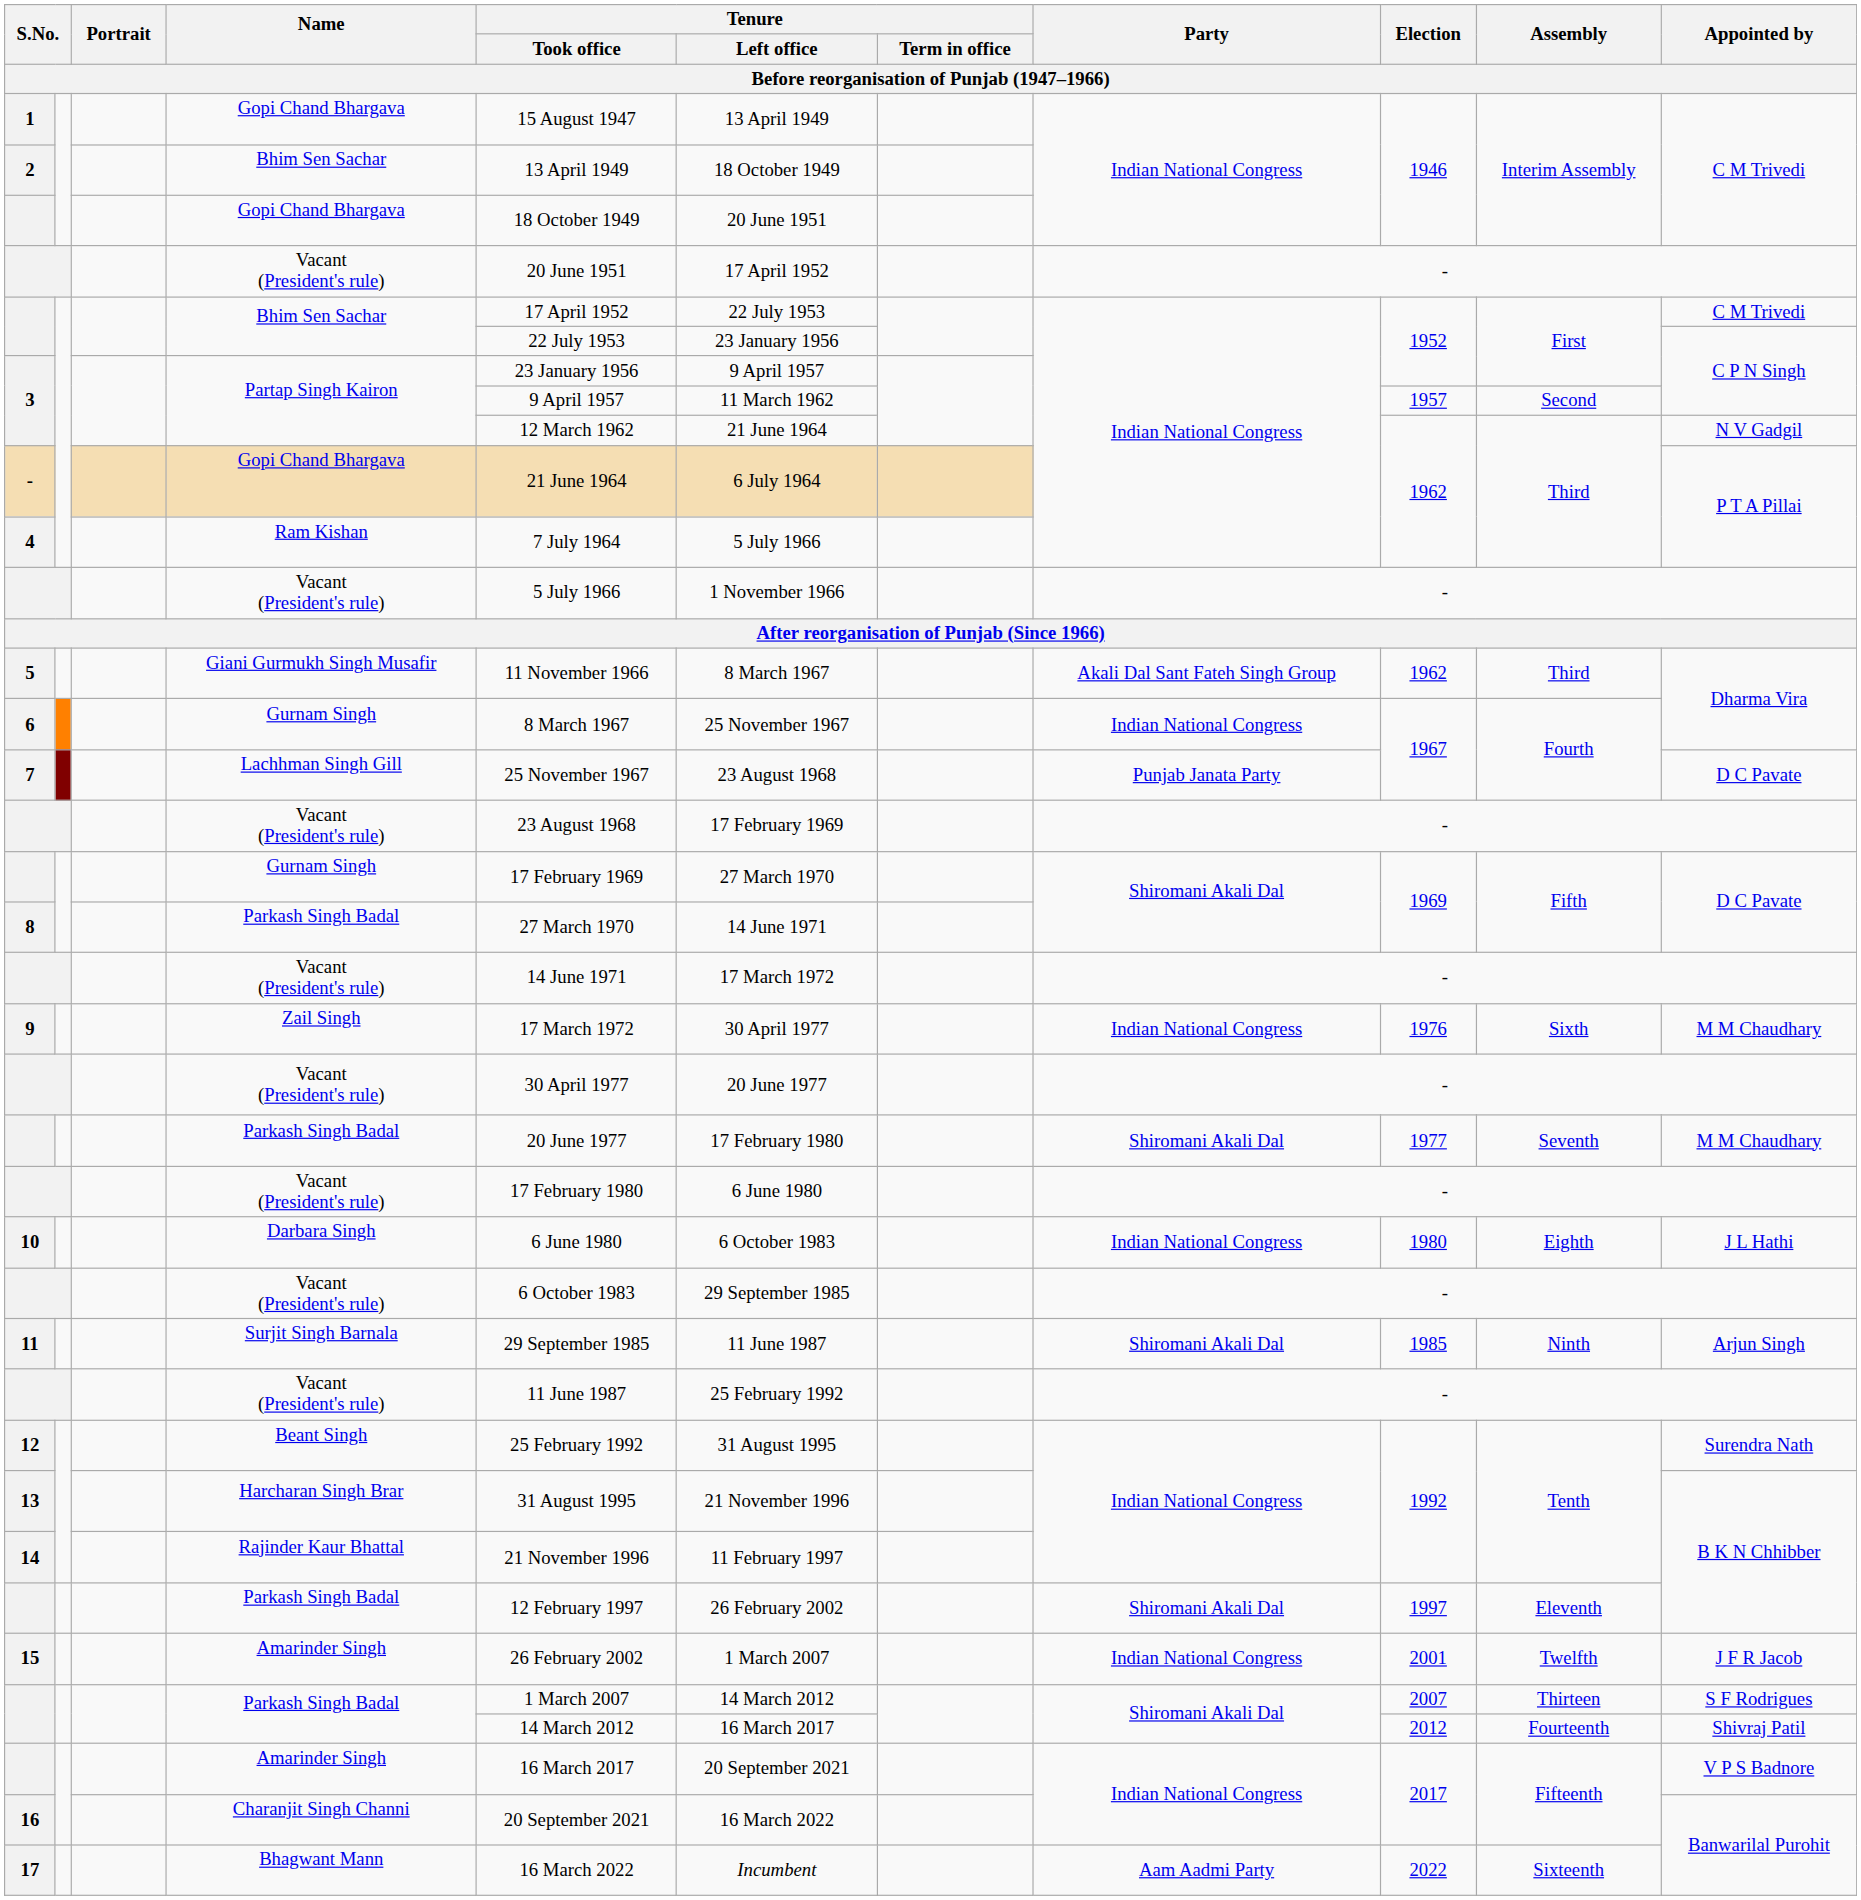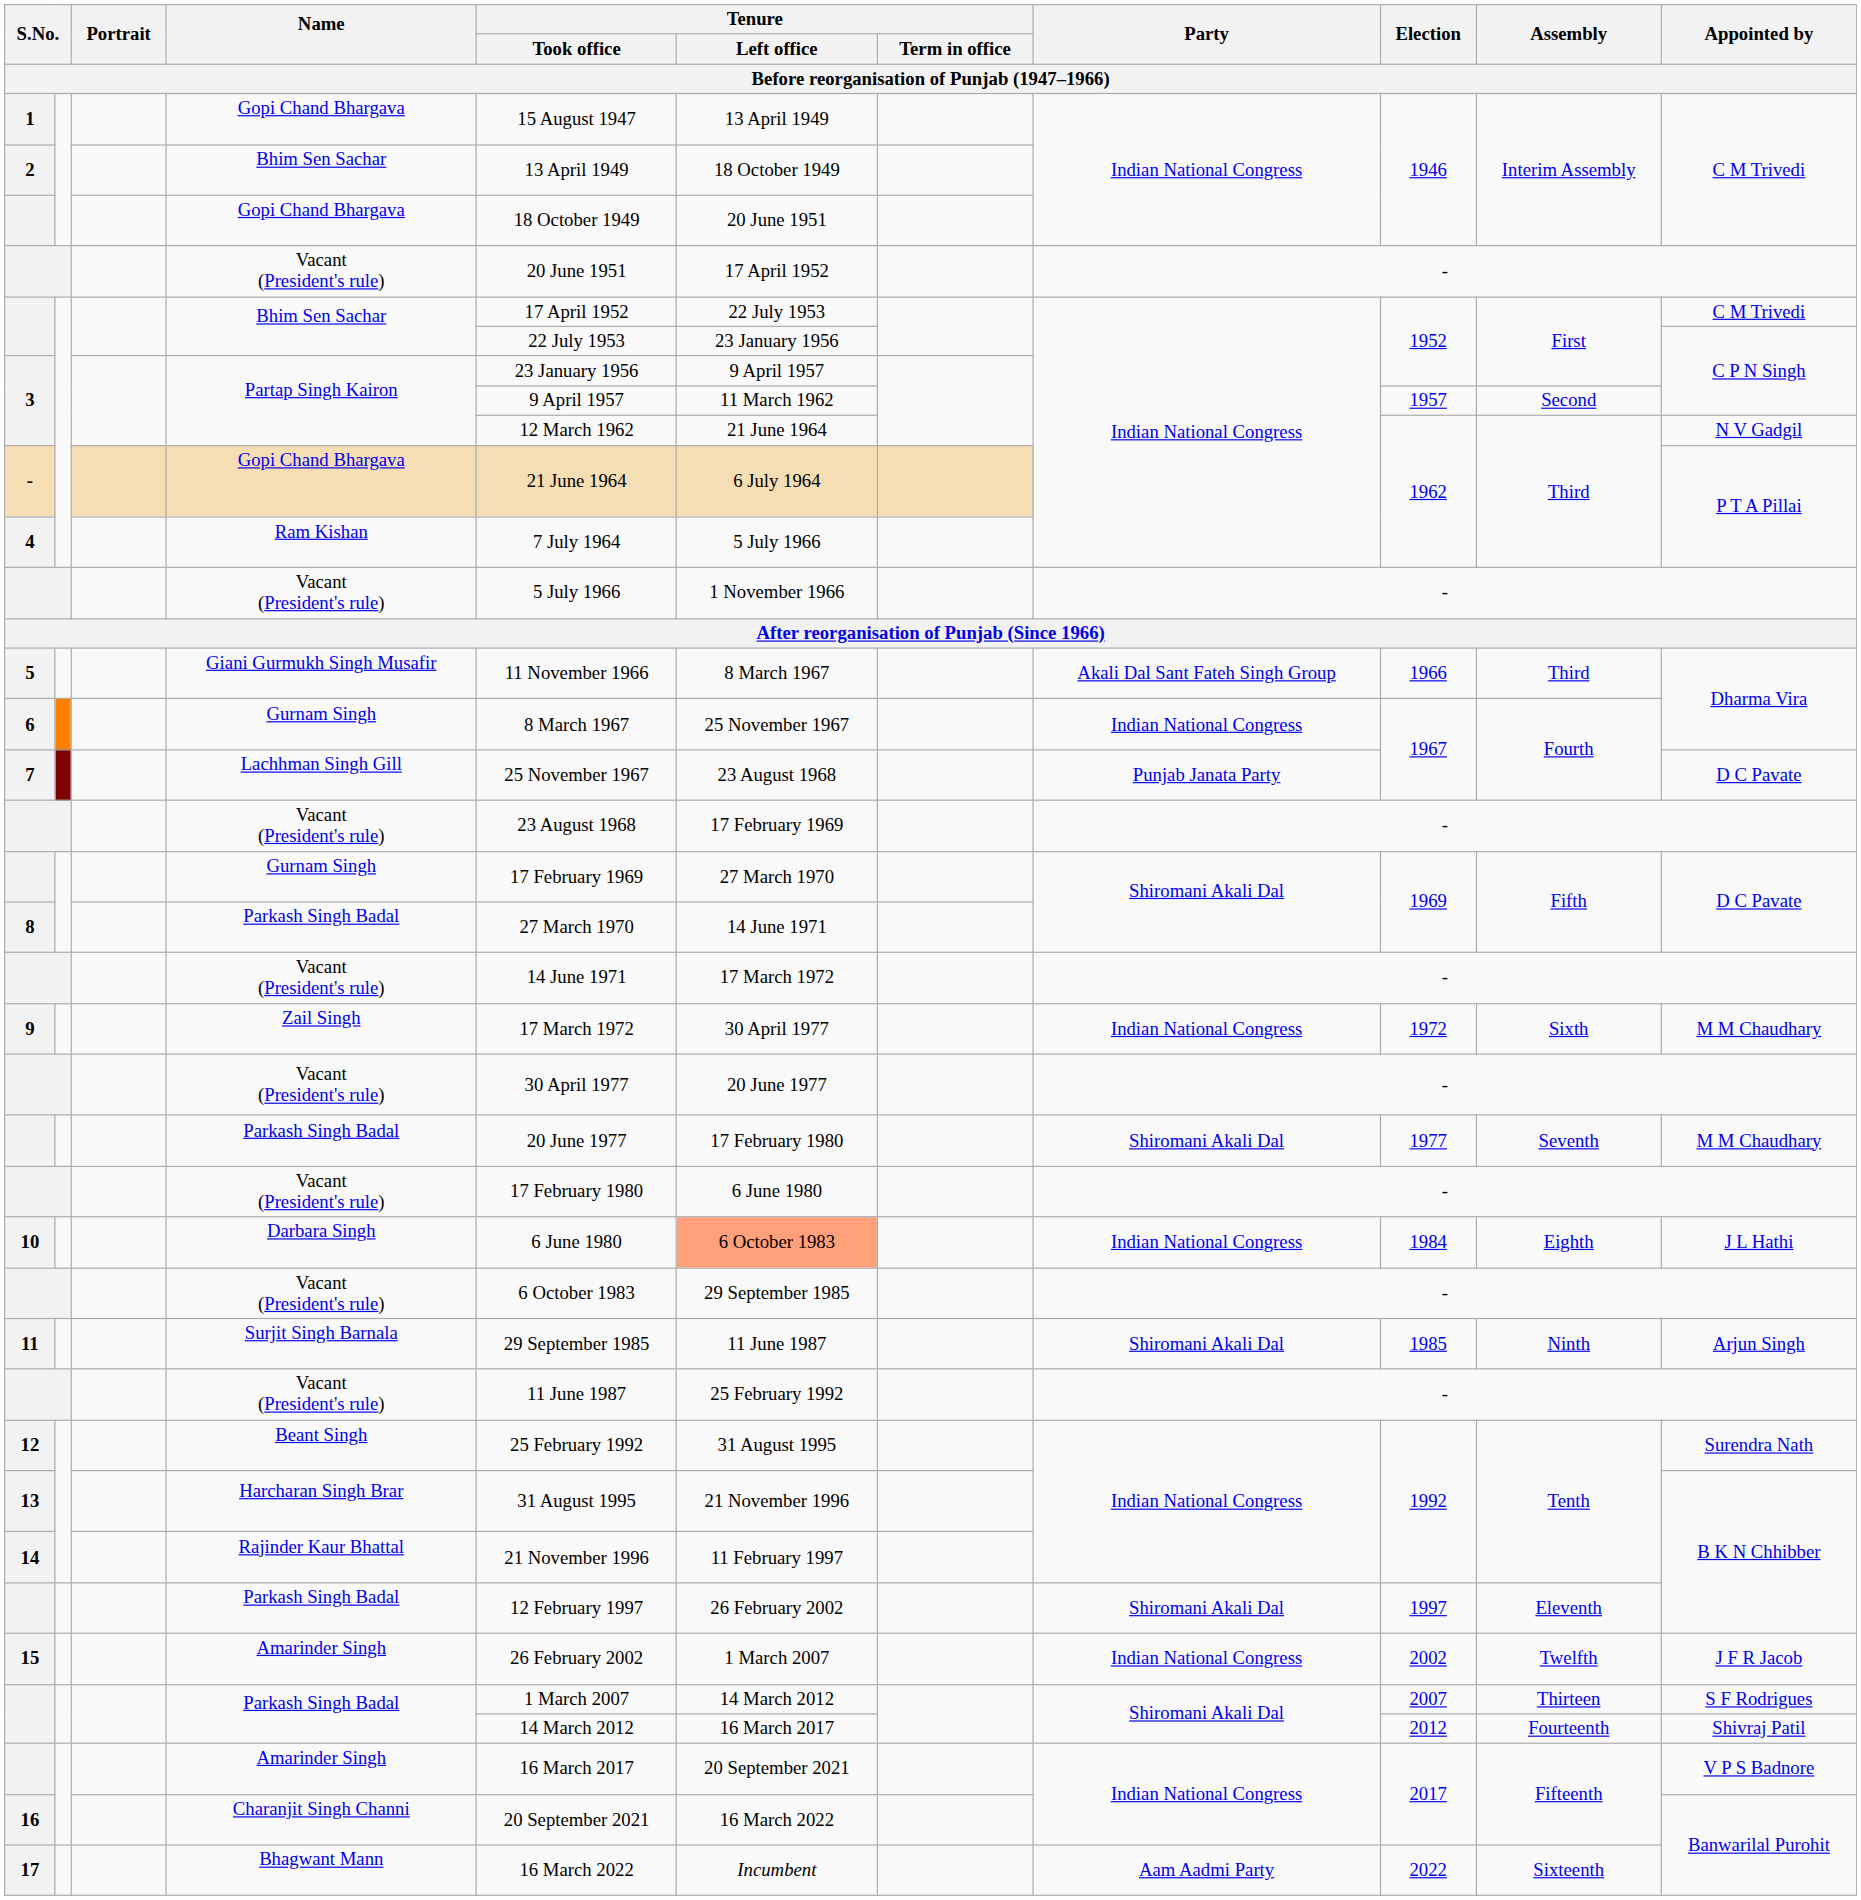 <table class="wikitable sortable" id="pm list" style="width:100%; text-align:center">
 <tr>
 <th colspan=2 rowspan=2>S.No.</th>
 <th rowspan=2>Portrait</th>
 <th rowspan=2>Name<br><br></th>
 <th colspan=3>Tenure</th>
 <th rowspan=2>Party<br></th>
 <th rowspan=2>Election</th>
 <th rowspan=2>Assembly</th>
 <th rowspan=2>Appointed by </th>
 </tr>
 <tr>
 <th>Took office</th>
 <th>Left office</th>
 <th>Term in office</th>
 </tr>
 <tr>
 <th colspan=11>Before reorganisation of Punjab (1947–1966)</th>
 </tr>
 <tr>
 <th>1</th>
 <td rowspan=3 style="background-color: "></td>
 <td></td>
 <td><a href='#'>Gopi Chand Bhargava</a><br><br></td>
 <td>15 August 1947</td>
 <td>13 April 1949</td>
 <td></td>
 <td rowspan=3><a href='#'>Indian National Congress</a></td>
 <td rowspan=3><a href='#'>1946</a></td>
 <td rowspan=3><a href='#'>Interim Assembly</a></td>
 <td rowspan=3><a href='#'>C M Trivedi</a></td>
 </tr>
 <tr>
 <th>2</th>
 <td></td>
 <td><a href='#'>Bhim Sen Sachar</a><br><br></td>
 <td>13 April 1949</td>
 <td>18 October 1949</td>
 <td></td>
 </tr>
 <tr>
 <th></th>
 <td></td>
 <td><a href='#'>Gopi Chand Bhargava</a><br><br></td>
 <td>18 October 1949</td>
 <td>20 June 1951</td>
 <td></td>
 </tr>
 <tr>
 <th colspan=2></th>
 <td></td>
 <td>Vacant <br>(<a href='#'>President's rule</a>)</td>
 <td>20 June 1951</td>
 <td>17 April 1952</td>
 <td></td>
 <td colspan=4>-</td>
 </tr>
 <tr>
 <th rowspan=2></th>
 <td rowspan=7 style="background-color: "></td>
 <td rowspan=2></td>
 <td rowspan=2><a href='#'>Bhim Sen Sachar</a><br><br></td>
 <td>17 April 1952</td>
 <td>22 July 1953</td>
 <td rowspan="2"></td>
 <td rowspan=7><a href='#'>Indian National Congress</a></td>
 <td rowspan=3><a href='#'>1952</a></td>
 <td rowspan=3><a href='#'>First</a></td>
 <td><a href='#'>C M Trivedi</a></td>
 </tr>
 <tr>
 <td>22 July 1953</td>
 <td>23 January 1956</td>
 <td rowspan=3><a href='#'>C P N Singh</a></td>
 </tr>
 <tr>
 <th rowspan="3">3</th>
 <td rowspan="3"></td>
 <td rowspan="3"><a href='#'>Partap Singh Kairon</a><br><br></td>
 <td>23 January 1956</td>
 <td>9 April 1957</td>
 <td rowspan="3"></td>
 </tr>
 <tr>
 <td>9 April 1957</td>
 <td>11 March 1962</td>
 <td><a href='#'>1957</a></td>
 <td><a href='#'>Second</a></td>
 </tr>
 <tr>
 <td>12 March 1962</td>
 <td>21 June 1964</td>
 <td rowspan=3><a href='#'>1962</a></td>
 <td rowspan=3><a href='#'>Third</a></td>
 <td><a href='#'>N V Gadgil</a></td>
 </tr>
 <tr>
 <td bgcolor=wheat><strong>-</strong></td>
 <td bgcolor=wheat></td>
 <td bgcolor=wheat><a href='#'>Gopi Chand Bhargava</a><br><br><br></td>
 <td bgcolor=wheat>21 June 1964</td>
 <td bgcolor=wheat>6 July 1964</td>
 <td bgcolor=wheat></td>
 <td rowspan=2><a href='#'>P T A Pillai</a></td>
 </tr>
 <tr>
 <th>4</th>
 <td></td>
 <td><a href='#'>Ram Kishan</a><br><br></td>
 <td>7 July 1964</td>
 <td>5 July 1966</td>
 <td></td>
 </tr>
 <tr>
 <th colspan=2></th>
 <td></td>
 <td>Vacant <br>(<a href='#'>President's rule</a>)</td>
 <td>5 July 1966</td>
 <td>1 November 1966</td>
 <td></td>
 <td colspan=4>-</td>
 </tr>
 <tr>
 <th colspan=11><a href='#'>After reorganisation of Punjab (Since 1966)</a></th>
 </tr>
 <tr>
 <th>5</th>
 <td style="background-color: "></td>
 <td></td>
 <td><a href='#'>Giani Gurmukh Singh Musafir</a><br><br></td>
 <td>11 November 1966</td>
 <td>8 March 1967</td>
 <td></td>
 <td><a href='#'>Akali Dal Sant Fateh Singh Group</a> <br></td>
-<td><a href='#'>1962</a></td>
+<td><a href='#'>1966</a></td>
 <td><a href='#'>Third</a></td>
 <td rowspan=2><a href='#'>Dharma Vira</a></td>
 </tr>
 <tr>
 <th>6</th>
 <td style="background:#ff8000;"></td>
 <td></td>
 <td><a href='#'>Gurnam Singh</a><br><br></td>
 <td>8 March 1967</td>
 <td>25 November 1967</td>
 <td></td>
 <td><a href='#'>Indian National Congress</a></td>
 <td rowspan=2><a href='#'>1967</a></td>
 <td rowspan=2><a href='#'>Fourth</a></td>
 </tr>
 <tr>
 <th>7</th>
 <td style="background:#800000;"></td>
 <td></td>
 <td><a href='#'>Lachhman Singh Gill</a><br><br></td>
 <td>25 November 1967</td>
 <td>23 August 1968</td>
 <td></td>
 <td><a href='#'>Punjab Janata Party</a><br></td>
 <td><a href='#'>D C Pavate</a></td>
 </tr>
 <tr>
 <th colspan=2></th>
 <td></td>
 <td>Vacant <br>(<a href='#'>President's rule</a>)</td>
 <td>23 August 1968</td>
 <td>17 February 1969</td>
 <td></td>
 <td colspan=4>-</td>
 </tr>
 <tr>
 <th></th>
 <td rowspan=2 style="background:"></td>
 <td></td>
 <td><a href='#'>Gurnam Singh</a><br><br></td>
 <td>17 February 1969</td>
 <td>27 March 1970</td>
 <td></td>
 <td rowspan=2><a href='#'>Shiromani Akali Dal</a><br><br></td>
 <td rowspan=2><a href='#'>1969</a></td>
 <td rowspan=2><a href='#'>Fifth</a></td>
 <td rowspan=2><a href='#'>D C Pavate</a></td>
 </tr>
 <tr>
 <th>8</th>
 <td></td>
 <td><a href='#'>Parkash Singh Badal</a><br><br></td>
 <td>27 March 1970</td>
 <td>14 June 1971</td>
 <td></td>
 </tr>
 <tr>
 <th colspan=2></th>
 <td></td>
 <td>Vacant <br>(<a href='#'>President's rule</a>)</td>
 <td>14 June 1971</td>
 <td>17 March 1972</td>
 <td></td>
 <td colspan=4>-</td>
 </tr>
 <tr>
 <th>9</th>
 <td style="background-color: "></td>
 <td></td>
 <td><a href='#'>Zail Singh</a><br><br></td>
 <td>17 March 1972</td>
 <td>30 April 1977</td>
 <td></td>
 <td><a href='#'>Indian National Congress</a><br></td>
-<td><a href='#'>1976</a></td>
+<td><a href='#'>1972</a></td>
 <td><a href='#'>Sixth</a></td>
 <td><a href='#'>M M Chaudhary</a></td>
 </tr>
 <tr>
 <th colspan=2></th>
 <td></td>
 <td>Vacant <br>(<a href='#'>President's rule</a>)</td>
 <td style="height: 45px;">30 April 1977</td>
 <td>20 June 1977</td>
 <td></td>
 <td colspan=4>-</td>
 </tr>
 <tr>
 <th></th>
 <td bgcolor=></td>
 <td></td>
 <td><a href='#'>Parkash Singh Badal</a><br><br></td>
 <td>20 June 1977</td>
 <td>17 February 1980</td>
 <td></td>
 <td><a href='#'>Shiromani Akali Dal</a> <br></td>
 <td><a href='#'>1977</a></td>
 <td><a href='#'>Seventh</a></td>
 <td><a href='#'>M M Chaudhary</a></td>
 </tr>
 <tr>
 <th colspan=2></th>
 <td></td>
 <td>Vacant <br>(<a href='#'>President's rule</a>)</td>
 <td>17 February 1980</td>
 <td>6 June 1980</td>
 <td></td>
 <td colspan=4>-</td>
 </tr>
 <tr>
 <th>10</th>
 <td bgcolor=></td>
 <td></td>
 <td><a href='#'>Darbara Singh</a><br><br></td>
 <td>6 June 1980</td>
-<td>6 October 1983</td>
+<td style="background: lightsalmon;">6 October 1983</td>
 <td></td>
 <td><a href='#'>Indian National Congress</a></td>
-<td><a href='#'>1980</a></td>
+<td><a href='#'>1984</a></td>
 <td><a href='#'>Eighth</a></td>
 <td><a href='#'>J L Hathi</a></td>
 </tr>
 <tr>
 <th colspan=2></th>
 <td></td>
 <td>Vacant <br>(<a href='#'>President's rule</a>)</td>
 <td>6 October 1983</td>
 <td>29 September 1985</td>
 <td></td>
 <td colspan=4>-</td>
 </tr>
 <tr>
 <th>11</th>
 <td bgcolor=></td>
 <td></td>
 <td><a href='#'>Surjit Singh Barnala</a><br><br></td>
 <td>29 September 1985</td>
 <td>11 June 1987</td>
 <td></td>
 <td><a href='#'>Shiromani Akali Dal</a></td>
 <td><a href='#'>1985</a></td>
 <td><a href='#'>Ninth</a></td>
 <td><a href='#'>Arjun Singh</a></td>
 </tr>
 <tr>
 <th colspan=2></th>
 <td></td>
 <td>Vacant <br>(<a href='#'>President's rule</a>)</td>
 <td>11 June 1987</td>
 <td>25 February 1992</td>
 <td></td>
 <td colspan=4>-</td>
 </tr>
 <tr>
 <th>12</th>
 <td rowspan=3 bgcolor=></td>
 <td></td>
 <td><a href='#'>Beant Singh</a><br><br></td>
 <td>25 February 1992</td>
 <td>31 August 1995<br></td>
 <td></td>
 <td rowspan=3><a href='#'>Indian National Congress</a></td>
 <td rowspan=3><a href='#'>1992</a></td>
 <td rowspan=3><a href='#'>Tenth</a></td>
 <td><a href='#'>Surendra Nath</a></td>
 </tr>
 <tr>
 <th>13</th>
 <td></td>
 <td style="height: 45px;"><a href='#'>Harcharan Singh Brar</a><br><br></td>
 <td>31 August 1995</td>
 <td>21 November 1996</td>
 <td></td>
 <td rowspan=3><a href='#'>B K N Chhibber</a></td>
 </tr>
 <tr>
 <th>14</th>
 <td></td>
 <td><a href='#'>Rajinder Kaur Bhattal</a><br><br></td>
 <td>21 November 1996</td>
 <td>11 February 1997</td>
 <td></td>
 </tr>
 <tr>
 <th></th>
 <td bgcolor=></td>
 <td></td>
 <td><a href='#'>Parkash Singh Badal</a><br><br></td>
 <td>12 February 1997</td>
 <td>26 February 2002</td>
 <td></td>
 <td><a href='#'>Shiromani Akali Dal</a><br></td>
 <td><a href='#'>1997</a></td>
 <td><a href='#'>Eleventh</a></td>
 </tr>
 <tr>
 <th>15</th>
 <td bgcolor=></td>
 <td></td>
 <td><a href='#'>Amarinder Singh</a><br><br></td>
 <td>26 February 2002</td>
 <td>1 March 2007</td>
 <td></td>
 <td><a href='#'>Indian National Congress</a></td>
-<td><a href='#'>2001</a></td>
+<td><a href='#'>2002</a></td>
 <td><a href='#'>Twelfth</a></td>
 <td><a href='#'>J F R Jacob</a></td>
 </tr>
 <tr>
 <th rowspan=2></th>
 <td rowspan=2 bgcolor=></td>
 <td rowspan="2"></td>
 <td rowspan="2"><a href='#'>Parkash Singh Badal</a><br><br></td>
 <td>1 March 2007</td>
 <td>14 March 2012</td>
 <td rowspan="2"></td>
 <td rowspan=2><a href='#'>Shiromani Akali Dal</a><br></td>
 <td><a href='#'>2007</a></td>
 <td><a href='#'>Thirteen</a></td>
 <td><a href='#'>S F Rodrigues</a></td>
 </tr>
 <tr>
 <td>14 March 2012</td>
 <td>16 March 2017</td>
 <td><a href='#'>2012</a></td>
 <td><a href='#'>Fourteenth</a></td>
 <td><a href='#'>Shivraj Patil</a></td>
 </tr>
 <tr>
 <th></th>
 <td rowspan=2 bgcolor=></td>
 <td></td>
 <td><a href='#'>Amarinder Singh</a><br><br></td>
 <td>16 March 2017</td>
 <td>20 September 2021</td>
 <td></td>
 <td rowspan=2><a href='#'>Indian National Congress</a></td>
 <td rowspan=2><a href='#'>2017</a></td>
 <td rowspan=2><a href='#'>Fifteenth</a></td>
 <td><a href='#'>V P S Badnore</a></td>
 </tr>
 <tr>
 <th>16</th>
 <td></td>
 <td><a href='#'>Charanjit Singh Channi</a><br><br></td>
 <td>20 September 2021</td>
 <td>16 March 2022</td>
 <td></td>
 <td rowspan=2><a href='#'>Banwarilal Purohit</a></td>
 </tr>
 <tr>
 <th>17</th>
 <td bgcolor=></td>
 <td></td>
 <td><a href='#'>Bhagwant Mann</a><br><br></td>
 <td>16 March 2022</td>
 <td><em>Incumbent</em></td>
 <td></td>
 <td><a href='#'>Aam Aadmi Party</a></td>
 <td><a href='#'>2022</a></td>
 <td><a href='#'>Sixteenth</a></td>
 </tr>
 </table>
